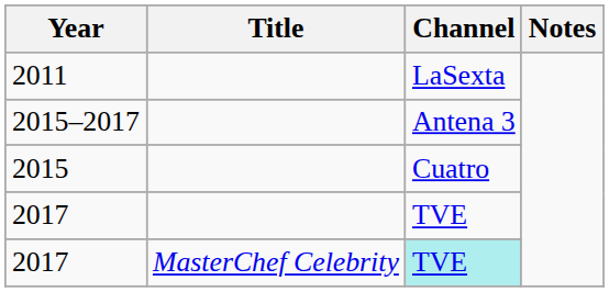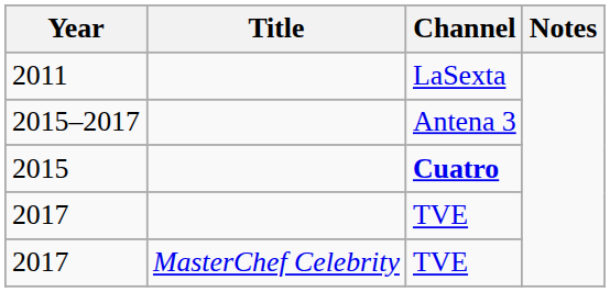 <table class="wikitable" style="font-size: 90%;">
 <tr>
 <th>Year</th>
 <th>Title</th>
 <th>Channel</th>
 <th>Notes</th>
 </tr>
 <tr>
 <td>2011</td>
 <td><em></em></td>
 <td><a href='#'>LaSexta</a></td>
 </tr>
 <tr>
 <td>2015–2017</td>
 <td><em></em></td>
 <td><a href='#'>Antena 3</a></td>
 </tr>
 <tr>
 <td>2015</td>
 <td><em></em></td>
-<td><a href='#'>Cuatro</a></td>
+<td><strong><a href='#'>Cuatro</a></strong></td>
 </tr>
 <tr>
 <td>2017</td>
 <td><em></em></td>
 <td><a href='#'>TVE</a></td>
 </tr>
 <tr>
 <td>2017</td>
 <td><em><a href='#'>MasterChef Celebrity</a></em></td>
-<td style="background: paleturquoise;"><a href='#'>TVE</a></td>
+<td><a href='#'>TVE</a></td>
 </tr>
 </table>
